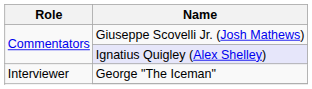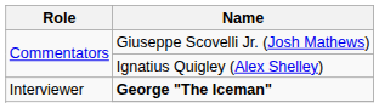 <table class=wikitable style="font-size:90%; margin: 0.5em 0 0.5em 1em; float: right; clear: right;">
 <tr>
 <th>Role</th>
 <th>Name</th>
 </tr>
 <tr>
 <td rowspan=2><a href='#'>Commentators</a></td>
 <td>Giuseppe Scovelli Jr. (<a href='#'>Josh Mathews</a>)</td>
 </tr>
 <tr>
-<td style="background: lavender;">Ignatius Quigley (<a href='#'>Alex Shelley</a>)</td>
+<td>Ignatius Quigley (<a href='#'>Alex Shelley</a>)</td>
 </tr>
 <tr>
 <td rowspan=2>Interviewer</td>
-<td>George "The Iceman"</td>
+<td><strong>George "The Iceman"</strong></td>
 </tr>
 <tr>
 </tr>
 </table>
